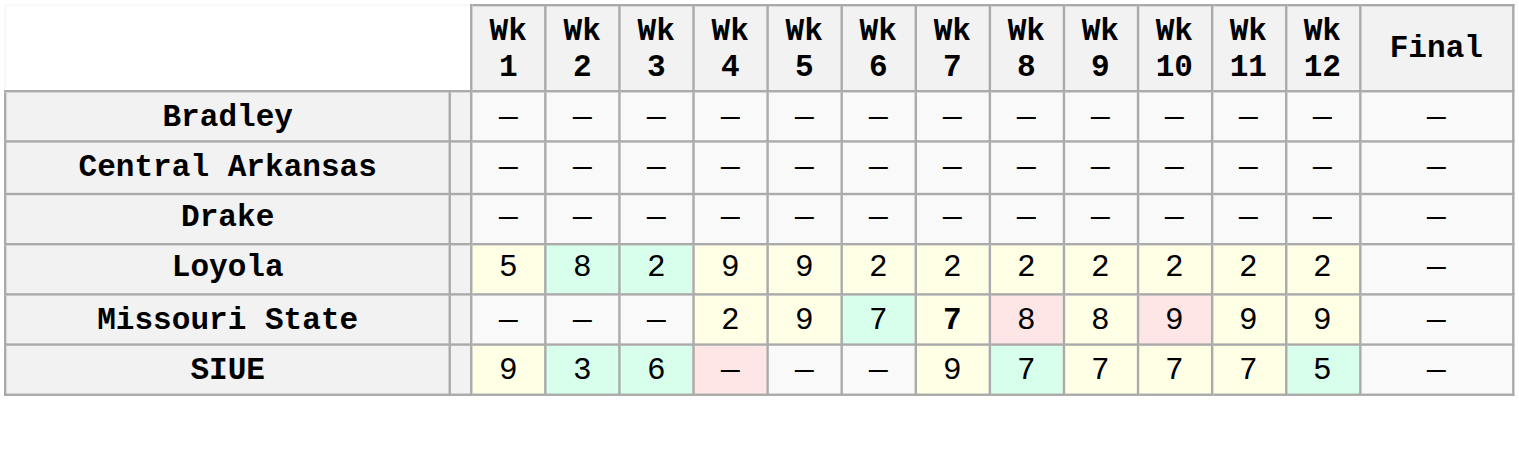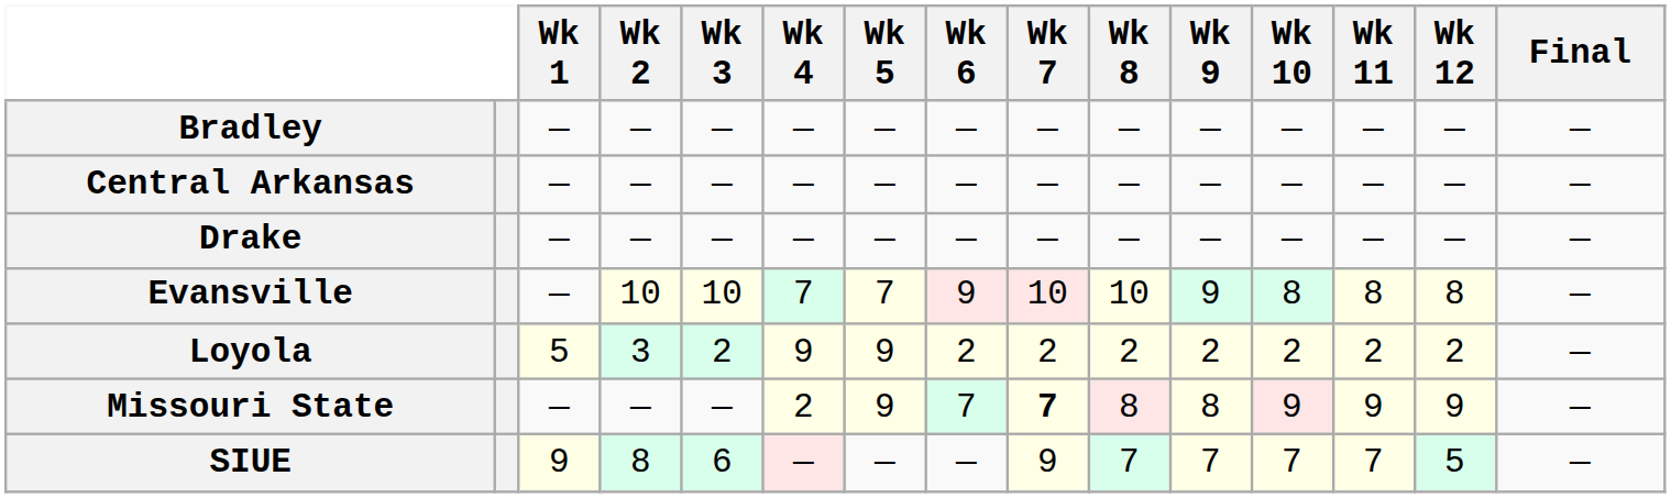 <table class="wikitable" style="text-align:center; width:50%">
 <tr>
 <th colspan=2 style="background:white; border-top-style:hidden; border-left-style:hidden;"> </th>
 <th>Wk<br>1</th>
 <th>Wk<br>2</th>
 <th>Wk<br>3</th>
 <th>Wk<br>4</th>
 <th>Wk<br>5</th>
 <th>Wk<br>6</th>
 <th>Wk<br>7</th>
 <th>Wk<br>8</th>
 <th>Wk<br>9</th>
 <th>Wk<br>10</th>
 <th>Wk<br>11</th>
 <th>Wk<br>12</th>
 <th>Final</th>
 </tr>
 <tr style="text-align:center;">
 <th style="background:#">Bradley</th>
 <th></th>
 <td>—</td>
 <td>—</td>
 <td>—</td>
 <td>—</td>
 <td>—</td>
 <td>—</td>
 <td>—</td>
 <td>—</td>
 <td>—</td>
 <td>—</td>
 <td>—</td>
 <td>—</td>
 <td>—</td>
 </tr>
 <tr style="text-align:center;">
 <th style="background:#">Central Arkansas</th>
 <th></th>
 <td>—</td>
 <td>—</td>
 <td>—</td>
 <td>—</td>
 <td>—</td>
 <td>—</td>
 <td>—</td>
 <td>—</td>
 <td>—</td>
 <td>—</td>
 <td>—</td>
 <td>—</td>
 <td>—</td>
 </tr>
 <tr style="text-align:center;">
 <th style="background:#">Drake</th>
 <th></th>
 <td>—</td>
 <td>—</td>
 <td>—</td>
 <td>—</td>
 <td>—</td>
 <td>—</td>
 <td>—</td>
 <td>—</td>
 <td>—</td>
 <td>—</td>
 <td>—</td>
 <td>—</td>
 <td>—</td>
 </tr>
 <tr style="text-align:center;">
+<th style="background:#">Evansville</th>
+<th></th>
+<td>—</td>
+<td style="background:#FFFFE6">10</td>
+<td style="background:#FFFFE6">10</td>
+<td style="background:#D8FFEB">7</td>
+<td style="background:#FFFFE6">7</td>
+<td style="background:#FFE6E6">9</td>
+<td style="background:#FFE6E6">10</td>
+<td style="background:#FFFFE6">10</td>
+<td style="background:#D8FFEB">9</td>
+<td style="background:#D8FFEB">8</td>
+<td style="background:#FFFFE6">8</td>
+<td style="background:#FFFFE6">8</td>
+<td>—</td>
+</tr>
+<tr style="text-align:center;">
 <th style="background:#">Loyola</th>
 <th></th>
 <td style="background:#FFFFE6">5</td>
-<td style="background:#D8FFEB">8</td>
+<td style="background:#D8FFEB">3</td>
 <td style="background:#D8FFEB">2</td>
 <td style="background:#FFFFE6">9</td>
 <td style="background:#FFFFE6">9</td>
 <td style="background:#FFFFE6">2</td>
 <td style="background:#FFFFE6">2</td>
 <td style="background:#FFFFE6">2</td>
 <td style="background:#FFFFE6">2</td>
 <td style="background:#FFFFE6">2</td>
 <td style="background:#FFFFE6">2</td>
 <td style="background:#FFFFE6">2</td>
 <td>—</td>
 </tr>
 <tr style="text-align:center;">
 <th style="background:#">Missouri State</th>
 <th></th>
 <td>—</td>
 <td>—</td>
 <td>—</td>
 <td style="background:#FFFFE6">2</td>
 <td style="background:#FFFFE6">9</td>
 <td style="background:#D8FFEB">7</td>
 <td style="background:#FFFFE6"><strong>7</strong></td>
 <td style="background:#FFE6E6">8</td>
 <td style="background:#FFFFE6">8</td>
 <td style="background:#FFE6E6">9</td>
 <td style="background:#FFFFE6">9</td>
 <td style="background:#FFFFE6">9</td>
 <td>—</td>
 </tr>
 <tr style="text-align:center;">
 <th style="background:#">SIUE</th>
 <th></th>
 <td style="background:#FFFFE6">9</td>
-<td style="background:#D8FFEB">3</td>
+<td style="background:#D8FFEB">8</td>
 <td style="background:#D8FFEB">6</td>
 <td style="background:#FFE6E6">—</td>
 <td>—</td>
 <td>—</td>
 <td style="background:#FFFFE6">9</td>
 <td style="background:#D8FFEB">7</td>
 <td style="background:#FFFFE6">7</td>
 <td style="background:#FFFFE6">7</td>
 <td style="background:#FFFFE6">7</td>
 <td style="background:#D8FFEB">5</td>
 <td>—</td>
 </tr>
 </table>
